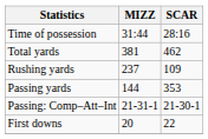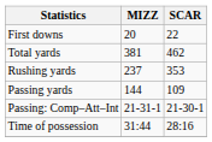 <table class="wikitable" style="float: left;">
 <tr>
 <th>Statistics</th>
 <th>MIZZ</th>
 <th>SCAR</th>
 </tr>
 <tr>
-<td>Time of possession</td>
-<td>31:44</td>
-<td>28:16</td>
+<td>First downs</td>
+<td>20</td>
+<td>22</td>
 </tr>
 <tr>
 <td>Total yards</td>
 <td>381</td>
 <td>462</td>
 </tr>
 <tr>
 <td>Rushing yards</td>
 <td>237</td>
-<td>109</td>
+<td>353</td>
 </tr>
 <tr>
 <td>Passing yards</td>
 <td>144</td>
-<td>353</td>
+<td>109</td>
 </tr>
 <tr>
 <td>Passing: Comp–Att–Int</td>
 <td>21-31-1</td>
 <td>21-30-1</td>
 </tr>
 <tr>
-<td>First downs</td>
-<td>20</td>
-<td>22</td>
+<td>Time of possession</td>
+<td>31:44</td>
+<td>28:16</td>
 </tr>
 <tr>
 </tr>
 </table>
